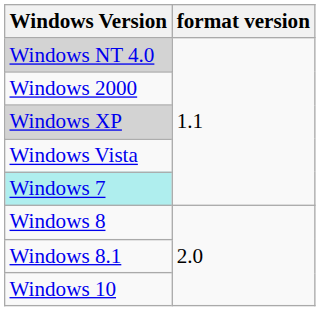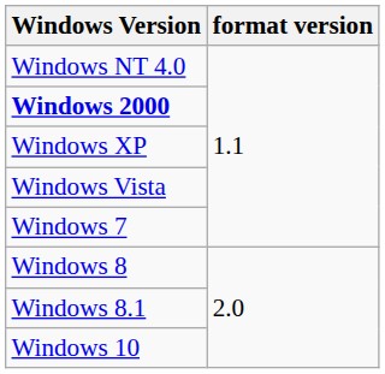 <table class="wikitable">
 <tr>
 <th>Windows Version</th>
 <th> format version</th>
 </tr>
 <tr>
-<td style="background: lightgrey;"><a href='#'>Windows NT 4.0</a></td>
+<td><a href='#'>Windows NT 4.0</a></td>
 <td rowspan="5">1.1</td>
 </tr>
 <tr>
-<td><a href='#'>Windows 2000</a></td>
+<td><strong><a href='#'>Windows 2000</a></strong></td>
 </tr>
 <tr>
-<td style="background: lightgrey;"><a href='#'>Windows XP</a></td>
+<td><a href='#'>Windows XP</a></td>
 </tr>
 <tr>
 <td><a href='#'>Windows Vista</a></td>
 </tr>
 <tr>
-<td style="background: paleturquoise;"><a href='#'>Windows 7</a></td>
+<td><a href='#'>Windows 7</a></td>
 </tr>
 <tr>
 <td><a href='#'>Windows 8</a></td>
 <td rowspan="3">2.0</td>
 </tr>
 <tr>
 <td><a href='#'>Windows 8.1</a></td>
 </tr>
 <tr>
 <td><a href='#'>Windows 10</a></td>
 </tr>
 </table>
